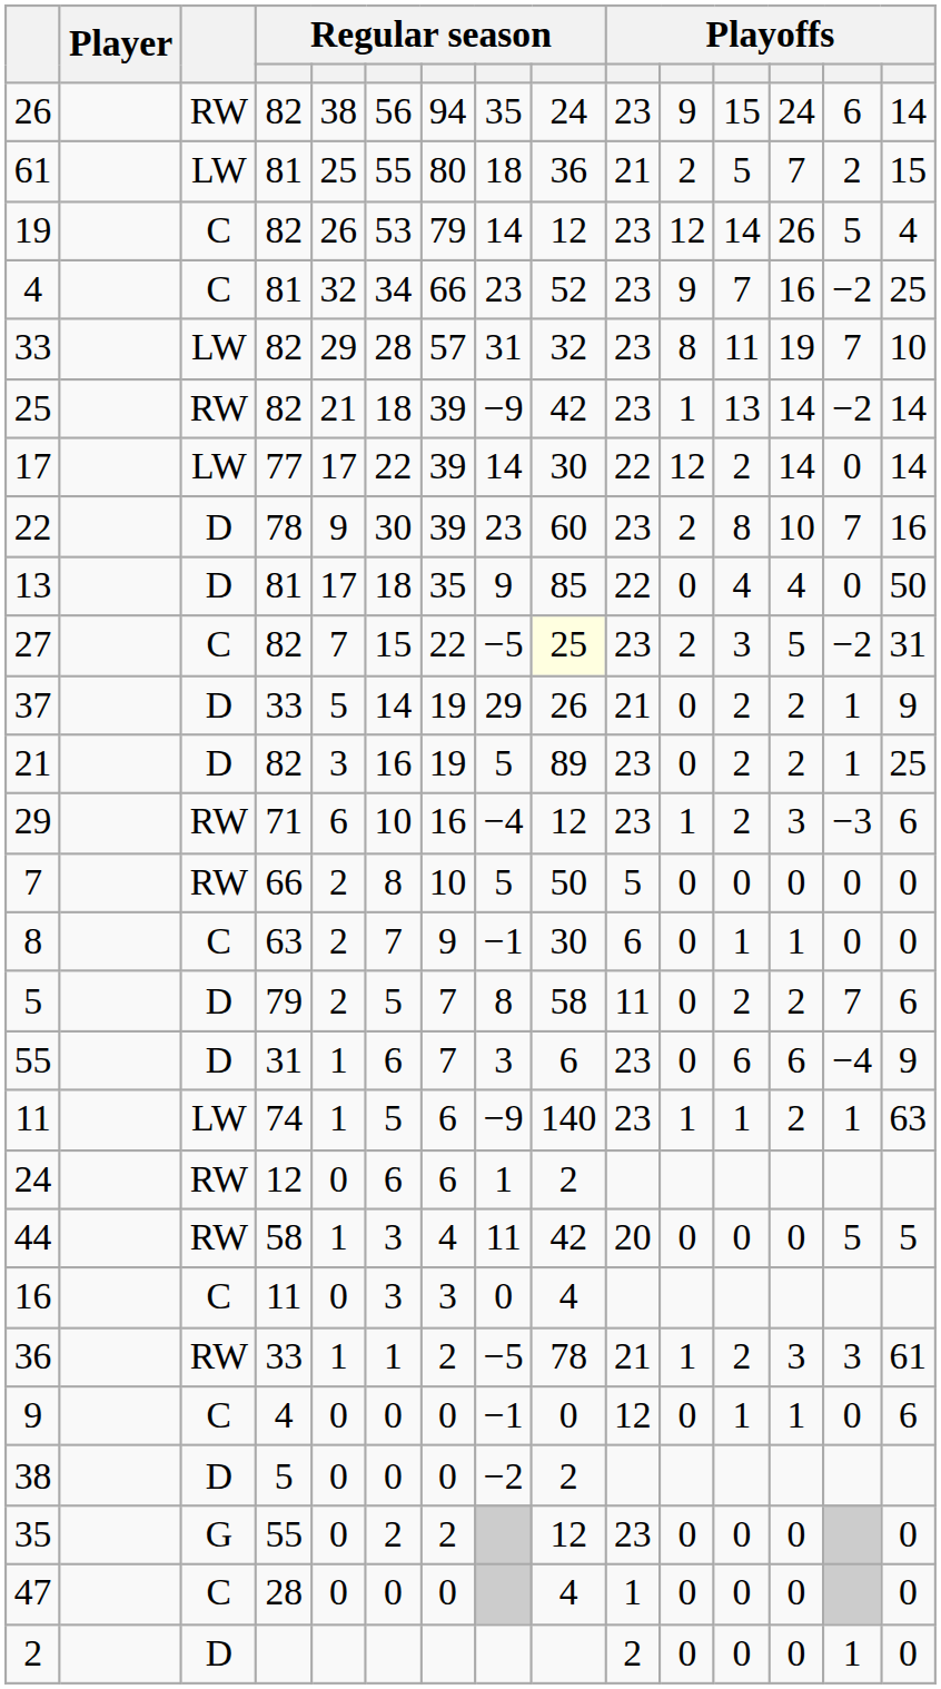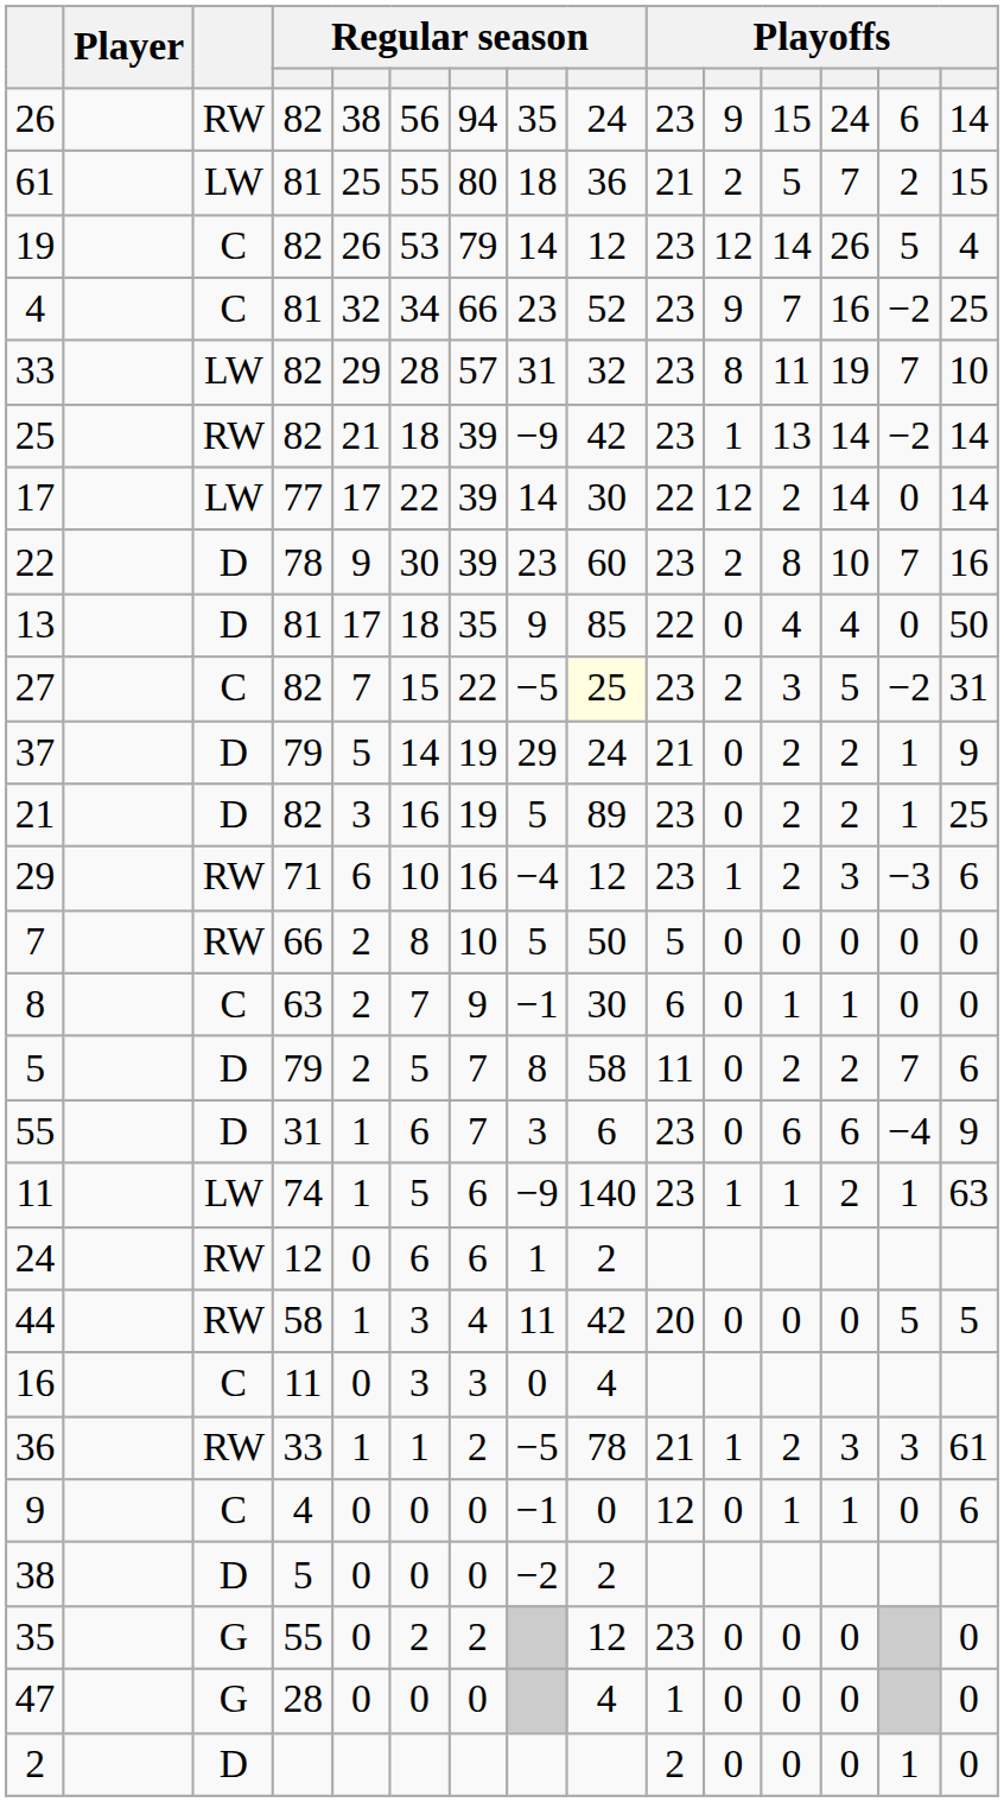 <table class="wikitable sortable plainrowheaders" style="text-align:center;">
 <tr>
 <th scope="col" data-sort-type="number" rowspan="2"></th>
 <th scope="col" rowspan="2">Player</th>
 <th scope="col" rowspan="2"></th>
 <th scope=colgroup colspan=6>Regular season</th>
 <th scope=colgroup colspan=6>Playoffs</th>
 </tr>
 <tr>
 <th scope="col" data-sort-type="number"></th>
 <th scope="col" data-sort-type="number"></th>
 <th scope="col" data-sort-type="number"></th>
 <th scope="col" data-sort-type="number"></th>
 <th scope="col" data-sort-type="number"></th>
 <th scope="col" data-sort-type="number"></th>
 <th scope="col" data-sort-type="number"></th>
 <th scope="col" data-sort-type="number"></th>
 <th scope="col" data-sort-type="number"></th>
 <th scope="col" data-sort-type="number"></th>
 <th scope="col" data-sort-type="number"></th>
 <th scope="col" data-sort-type="number"></th>
 </tr>
 <tr>
 <td scope="row">26</td>
 <td align="left"></td>
 <td>RW</td>
 <td>82</td>
 <td>38</td>
 <td>56</td>
 <td>94</td>
 <td>35</td>
 <td>24</td>
 <td>23</td>
 <td>9</td>
 <td>15</td>
 <td>24</td>
 <td>6</td>
 <td>14</td>
 </tr>
 <tr>
 <td scope="row">61</td>
 <td align="left"></td>
 <td>LW</td>
 <td>81</td>
 <td>25</td>
 <td>55</td>
 <td>80</td>
 <td>18</td>
 <td>36</td>
 <td>21</td>
 <td>2</td>
 <td>5</td>
 <td>7</td>
 <td>2</td>
 <td>15</td>
 </tr>
 <tr>
 <td scope="row">19</td>
 <td align="left"></td>
 <td>C</td>
 <td>82</td>
 <td>26</td>
 <td>53</td>
 <td>79</td>
 <td>14</td>
 <td>12</td>
 <td>23</td>
 <td>12</td>
 <td>14</td>
 <td>26</td>
 <td>5</td>
 <td>4</td>
 </tr>
 <tr>
 <td scope="row">4</td>
 <td align="left"></td>
 <td>C</td>
 <td>81</td>
 <td>32</td>
 <td>34</td>
 <td>66</td>
 <td>23</td>
 <td>52</td>
 <td>23</td>
 <td>9</td>
 <td>7</td>
 <td>16</td>
 <td>−2</td>
 <td>25</td>
 </tr>
 <tr>
 <td scope="row">33</td>
 <td align="left"></td>
 <td>LW</td>
 <td>82</td>
 <td>29</td>
 <td>28</td>
 <td>57</td>
 <td>31</td>
 <td>32</td>
 <td>23</td>
 <td>8</td>
 <td>11</td>
 <td>19</td>
 <td>7</td>
 <td>10</td>
 </tr>
 <tr>
 <td scope="row">25</td>
 <td align="left"></td>
 <td>RW</td>
 <td>82</td>
 <td>21</td>
 <td>18</td>
 <td>39</td>
 <td>−9</td>
 <td>42</td>
 <td>23</td>
 <td>1</td>
 <td>13</td>
 <td>14</td>
 <td>−2</td>
 <td>14</td>
 </tr>
 <tr>
 <td scope="row">17</td>
 <td align="left"></td>
 <td>LW</td>
 <td>77</td>
 <td>17</td>
 <td>22</td>
 <td>39</td>
 <td>14</td>
 <td>30</td>
 <td>22</td>
 <td>12</td>
 <td>2</td>
 <td>14</td>
 <td>0</td>
 <td>14</td>
 </tr>
 <tr>
 <td scope="row">22</td>
 <td align="left"></td>
 <td>D</td>
 <td>78</td>
 <td>9</td>
 <td>30</td>
 <td>39</td>
 <td>23</td>
 <td>60</td>
 <td>23</td>
 <td>2</td>
 <td>8</td>
 <td>10</td>
 <td>7</td>
 <td>16</td>
 </tr>
 <tr>
 <td scope="row">13</td>
 <td align="left"></td>
 <td>D</td>
 <td>81</td>
 <td>17</td>
 <td>18</td>
 <td>35</td>
 <td>9</td>
 <td>85</td>
 <td>22</td>
 <td>0</td>
 <td>4</td>
 <td>4</td>
 <td>0</td>
 <td>50</td>
 </tr>
 <tr>
 <td scope="row">27</td>
 <td align="left"></td>
 <td>C</td>
 <td>82</td>
 <td>7</td>
 <td>15</td>
 <td>22</td>
 <td>−5</td>
 <td style="background: lightyellow;">25</td>
 <td>23</td>
 <td>2</td>
 <td>3</td>
 <td>5</td>
 <td>−2</td>
 <td>31</td>
 </tr>
 <tr>
 <td scope="row">37</td>
 <td align="left"></td>
 <td>D</td>
-<td>33</td>
+<td>79</td>
 <td>5</td>
 <td>14</td>
 <td>19</td>
 <td>29</td>
-<td>26</td>
+<td>24</td>
 <td>21</td>
 <td>0</td>
 <td>2</td>
 <td>2</td>
 <td>1</td>
 <td>9</td>
 </tr>
 <tr>
 <td scope="row">21</td>
 <td align="left"></td>
 <td>D</td>
 <td>82</td>
 <td>3</td>
 <td>16</td>
 <td>19</td>
 <td>5</td>
 <td>89</td>
 <td>23</td>
 <td>0</td>
 <td>2</td>
 <td>2</td>
 <td>1</td>
 <td>25</td>
 </tr>
 <tr>
 <td scope="row">29</td>
 <td align="left"></td>
 <td>RW</td>
 <td>71</td>
 <td>6</td>
 <td>10</td>
 <td>16</td>
 <td>−4</td>
 <td>12</td>
 <td>23</td>
 <td>1</td>
 <td>2</td>
 <td>3</td>
 <td>−3</td>
 <td>6</td>
 </tr>
 <tr>
 <td scope="row">7</td>
 <td align="left"></td>
 <td>RW</td>
 <td>66</td>
 <td>2</td>
 <td>8</td>
 <td>10</td>
 <td>5</td>
 <td>50</td>
 <td>5</td>
 <td>0</td>
 <td>0</td>
 <td>0</td>
 <td>0</td>
 <td>0</td>
 </tr>
 <tr>
 <td scope="row">8</td>
 <td align="left"></td>
 <td>C</td>
 <td>63</td>
 <td>2</td>
 <td>7</td>
 <td>9</td>
 <td>−1</td>
 <td>30</td>
 <td>6</td>
 <td>0</td>
 <td>1</td>
 <td>1</td>
 <td>0</td>
 <td>0</td>
 </tr>
 <tr>
 <td scope="row">5</td>
 <td align="left"></td>
 <td>D</td>
 <td>79</td>
 <td>2</td>
 <td>5</td>
 <td>7</td>
 <td>8</td>
 <td>58</td>
 <td>11</td>
 <td>0</td>
 <td>2</td>
 <td>2</td>
 <td>7</td>
 <td>6</td>
 </tr>
 <tr>
 <td scope="row">55</td>
 <td align="left"></td>
 <td>D</td>
 <td>31</td>
 <td>1</td>
 <td>6</td>
 <td>7</td>
 <td>3</td>
 <td>6</td>
 <td>23</td>
 <td>0</td>
 <td>6</td>
 <td>6</td>
 <td>−4</td>
 <td>9</td>
 </tr>
 <tr>
 <td scope="row">11</td>
 <td align="left"></td>
 <td>LW</td>
 <td>74</td>
 <td>1</td>
 <td>5</td>
 <td>6</td>
 <td>−9</td>
 <td>140</td>
 <td>23</td>
 <td>1</td>
 <td>1</td>
 <td>2</td>
 <td>1</td>
 <td>63</td>
 </tr>
 <tr>
 <td scope="row">24</td>
 <td align="left"></td>
 <td>RW</td>
 <td>12</td>
 <td>0</td>
 <td>6</td>
 <td>6</td>
 <td>1</td>
 <td>2</td>
 <td></td>
 <td></td>
 <td></td>
 <td></td>
 <td></td>
 <td></td>
 </tr>
 <tr>
 <td scope="row">44</td>
 <td align="left"></td>
 <td>RW</td>
 <td>58</td>
 <td>1</td>
 <td>3</td>
 <td>4</td>
 <td>11</td>
 <td>42</td>
 <td>20</td>
 <td>0</td>
 <td>0</td>
 <td>0</td>
 <td>5</td>
 <td>5</td>
 </tr>
 <tr>
 <td scope="row">16</td>
 <td align="left"></td>
 <td>C</td>
 <td>11</td>
 <td>0</td>
 <td>3</td>
 <td>3</td>
 <td>0</td>
 <td>4</td>
 <td></td>
 <td></td>
 <td></td>
 <td></td>
 <td></td>
 <td></td>
 </tr>
 <tr>
 <td scope="row">36</td>
 <td align="left"></td>
 <td>RW</td>
 <td>33</td>
 <td>1</td>
 <td>1</td>
 <td>2</td>
 <td>−5</td>
 <td>78</td>
 <td>21</td>
 <td>1</td>
 <td>2</td>
 <td>3</td>
 <td>3</td>
 <td>61</td>
 </tr>
 <tr>
 <td scope="row">9</td>
 <td align="left"></td>
 <td>C</td>
 <td>4</td>
 <td>0</td>
 <td>0</td>
 <td>0</td>
 <td>−1</td>
 <td>0</td>
 <td>12</td>
 <td>0</td>
 <td>1</td>
 <td>1</td>
 <td>0</td>
 <td>6</td>
 </tr>
 <tr>
 <td scope="row">38</td>
 <td align="left"></td>
 <td>D</td>
 <td>5</td>
 <td>0</td>
 <td>0</td>
 <td>0</td>
 <td>−2</td>
 <td>2</td>
 <td></td>
 <td></td>
 <td></td>
 <td></td>
 <td></td>
 <td></td>
 </tr>
 <tr>
 <td scope="row">35</td>
 <td align="left"></td>
 <td>G</td>
 <td>55</td>
 <td>0</td>
 <td>2</td>
 <td>2</td>
 <td style="background:#ccc"></td>
 <td>12</td>
 <td>23</td>
 <td>0</td>
 <td>0</td>
 <td>0</td>
 <td style="background:#ccc"></td>
 <td>0</td>
 </tr>
 <tr>
 <td scope="row">47</td>
 <td align="left"></td>
-<td>C</td>
+<td>G</td>
 <td>28</td>
 <td>0</td>
 <td>0</td>
 <td>0</td>
 <td style="background:#ccc"></td>
 <td>4</td>
 <td>1</td>
 <td>0</td>
 <td>0</td>
 <td>0</td>
 <td style="background:#ccc"></td>
 <td>0</td>
 </tr>
 <tr>
 <td scope="row">2</td>
 <td align="left"></td>
 <td>D</td>
 <td></td>
 <td></td>
 <td></td>
 <td></td>
 <td></td>
 <td></td>
 <td>2</td>
 <td>0</td>
 <td>0</td>
 <td>0</td>
 <td>1</td>
 <td>0</td>
 </tr>
 </table>
